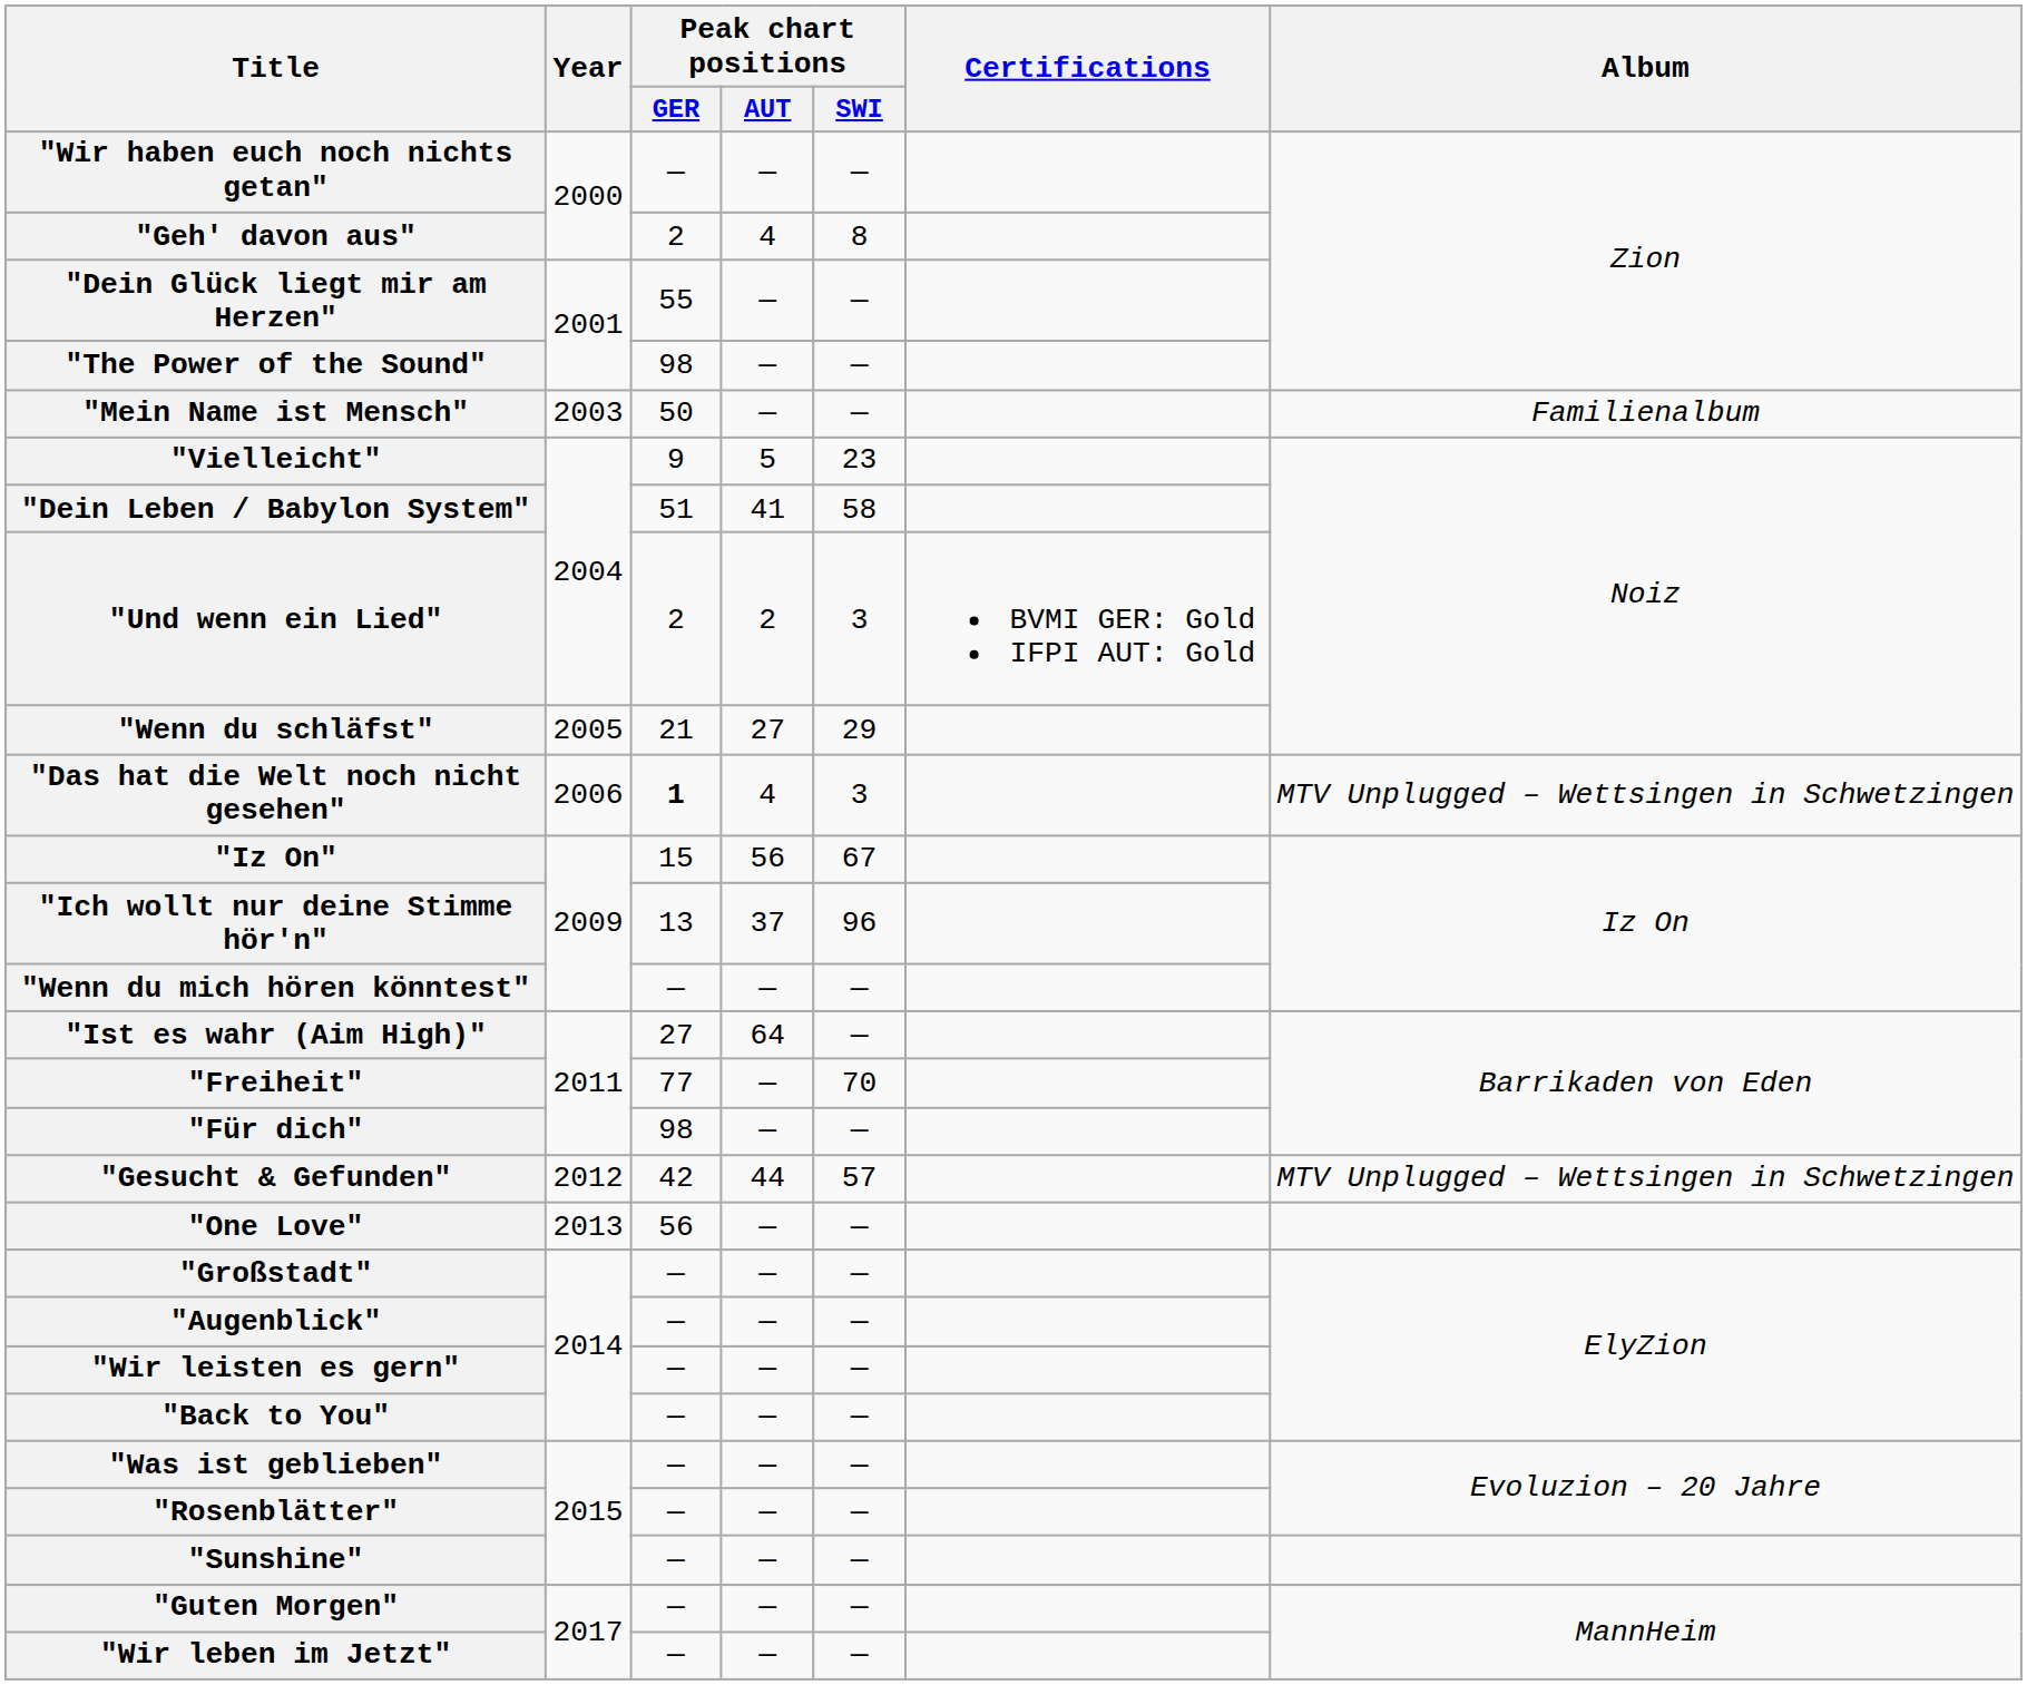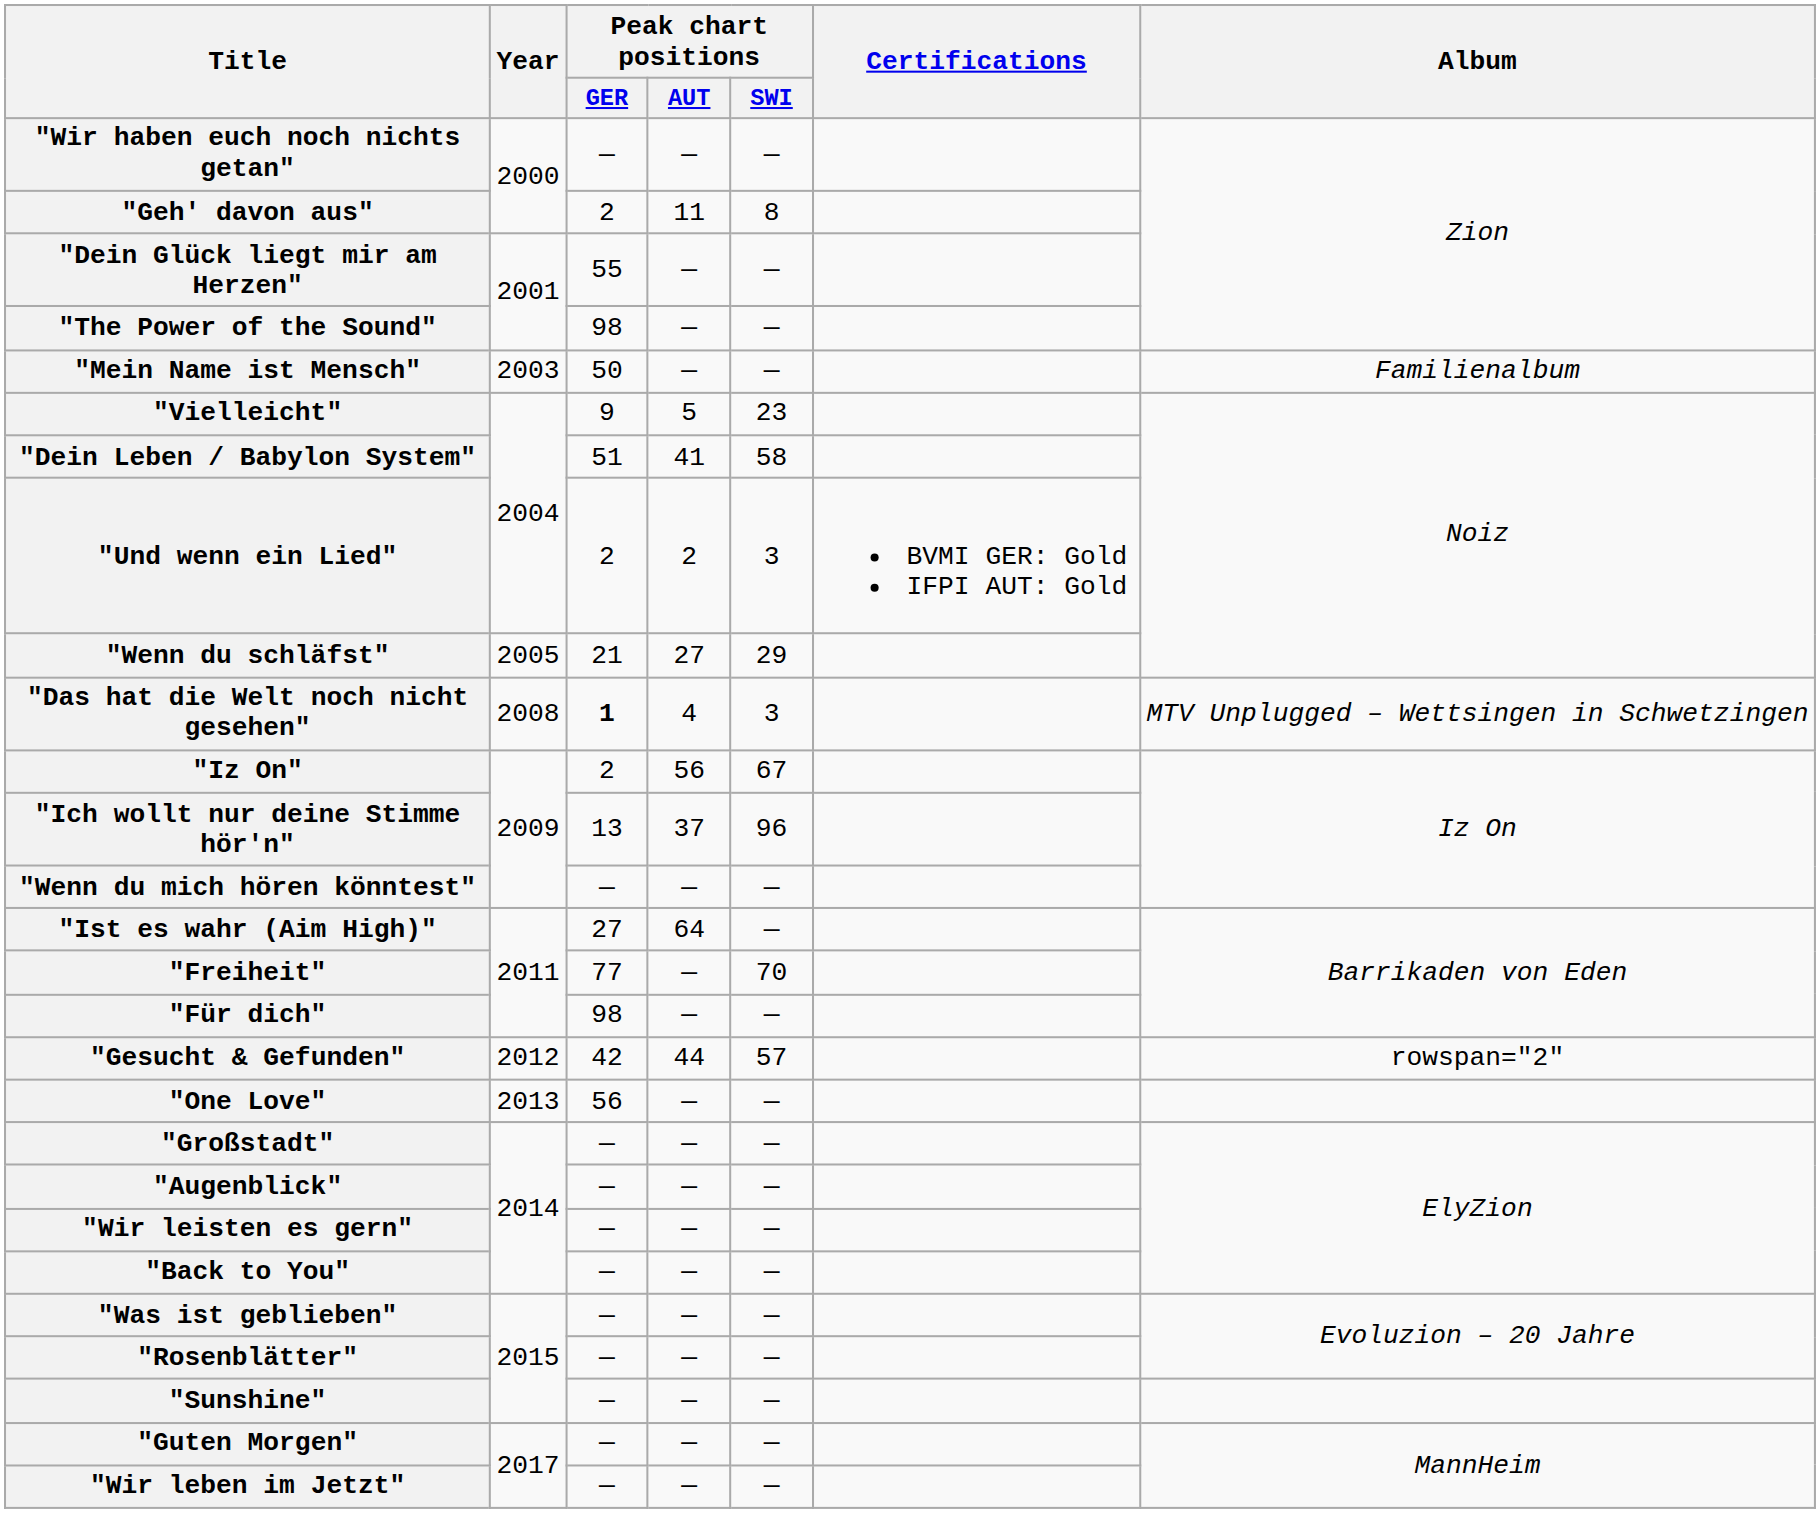 <table class="wikitable plainrowheaders" style="text-align:center;">
 <tr>
 <th scope="col" rowspan="2" style="width:18em;">Title</th>
 <th scope="col" rowspan="2">Year</th>
 <th scope="col" colspan="3">Peak chart positions</th>
 <th scope="col" rowspan="2" style="width:12em;"><a href='#'>Certifications</a></th>
 <th scope="col" rowspan="2">Album</th>
 </tr>
 <tr>
 <th style="width:3em;font-size:90%;"><a href='#'>GER</a><br></th>
 <th style="width:3em;font-size:90%;"><a href='#'>AUT</a><br></th>
 <th style="width:3em;font-size:90%;"><a href='#'>SWI</a><br></th>
 </tr>
 <tr>
 <th scope="row">"Wir haben euch noch nichts getan"</th>
 <td rowspan="2">2000</td>
 <td>—</td>
 <td>—</td>
 <td>—</td>
 <td></td>
 <td rowspan="4"><em>Zion</em></td>
 </tr>
 <tr>
 <th scope="row">"Geh' davon aus"</th>
 <td>2</td>
-<td>4</td>
+<td>11</td>
 <td>8</td>
 <td></td>
 </tr>
 <tr>
 <th scope="row">"Dein Glück liegt mir am Herzen"</th>
 <td rowspan="2">2001</td>
 <td>55</td>
 <td>—</td>
 <td>—</td>
 <td></td>
 </tr>
 <tr>
 <th scope="row">"The Power of the Sound"</th>
 <td>98</td>
 <td>—</td>
 <td>—</td>
 <td></td>
 </tr>
 <tr>
 <th scope="row">"Mein Name ist Mensch"</th>
 <td>2003</td>
 <td>50</td>
 <td>—</td>
 <td>—</td>
 <td></td>
 <td><em>Familienalbum</em></td>
 </tr>
 <tr>
 <th scope="row">"Vielleicht"</th>
 <td rowspan="3">2004</td>
 <td>9</td>
 <td>5</td>
 <td>23</td>
 <td></td>
 <td rowspan="4"><em>Noiz</em></td>
 </tr>
 <tr>
 <th scope="row">"Dein Leben / Babylon System"</th>
 <td>51</td>
 <td>41</td>
 <td>58</td>
 <td></td>
 </tr>
 <tr>
 <th scope="row">"Und wenn ein Lied"</th>
 <td>2</td>
 <td>2</td>
 <td>3</td>
 <td><br><ul><li>BVMI GER: Gold</li><li>IFPI AUT: Gold</li></ul></td>
 </tr>
 <tr>
 <th scope="row">"Wenn du schläfst"</th>
 <td>2005</td>
 <td>21</td>
 <td>27</td>
 <td>29</td>
 <td></td>
 </tr>
 <tr>
 <th scope="row">"Das hat die Welt noch nicht gesehen"</th>
-<td>2006</td>
+<td>2008</td>
 <td><strong>1</strong></td>
 <td>4</td>
 <td>3</td>
 <td></td>
 <td><em>MTV Unplugged – Wettsingen in Schwetzingen</em></td>
 </tr>
 <tr>
 <th scope="row">"Iz On"</th>
 <td rowspan="3">2009</td>
-<td>15</td>
+<td>2</td>
 <td>56</td>
 <td>67</td>
 <td></td>
 <td rowspan="3"><em>Iz On</em></td>
 </tr>
 <tr>
 <th scope="row">"Ich wollt nur deine Stimme hör'n"</th>
 <td>13</td>
 <td>37</td>
 <td>96</td>
 <td></td>
 </tr>
 <tr>
 <th scope="row">"Wenn du mich hören könntest"</th>
 <td>—</td>
 <td>—</td>
 <td>—</td>
 <td></td>
 </tr>
 <tr>
 <th scope="row">"Ist es wahr (Aim High)"</th>
 <td rowspan="3">2011</td>
 <td>27</td>
 <td>64</td>
 <td>—</td>
 <td></td>
 <td rowspan="3"><em>Barrikaden von Eden</em></td>
 </tr>
 <tr>
 <th scope="row">"Freiheit"</th>
 <td>77</td>
 <td>—</td>
 <td>70</td>
 <td></td>
 </tr>
 <tr>
 <th scope="row">"Für dich"</th>
 <td>98</td>
 <td>—</td>
 <td>—</td>
 <td></td>
 </tr>
 <tr>
 <th scope="row">"Gesucht & Gefunden"</th>
 <td>2012</td>
 <td>42</td>
 <td>44</td>
 <td>57</td>
 <td></td>
-<td><em>MTV Unplugged – Wettsingen in Schwetzingen</em></td>
+<td>rowspan="2" </td>
 </tr>
 <tr>
 <th scope="row">"One Love"</th>
 <td>2013</td>
 <td>56</td>
 <td>—</td>
 <td>—</td>
 <td></td>
 </tr>
 <tr>
 <th scope="row">"Großstadt"</th>
 <td rowspan="4">2014</td>
 <td>—</td>
 <td>—</td>
 <td>—</td>
 <td></td>
 <td rowspan="4"><em>ElyZion</em></td>
 </tr>
 <tr>
 <th scope="row">"Augenblick"</th>
 <td>—</td>
 <td>—</td>
 <td>—</td>
 <td></td>
 </tr>
 <tr>
 <th scope="row">"Wir leisten es gern"</th>
 <td>—</td>
 <td>—</td>
 <td>—</td>
 <td></td>
 </tr>
 <tr>
 <th scope="row">"Back to You"</th>
 <td>—</td>
 <td>—</td>
 <td>—</td>
 <td></td>
 </tr>
 <tr>
 <th scope="row">"Was ist geblieben"</th>
 <td rowspan="3">2015</td>
 <td>—</td>
 <td>—</td>
 <td>—</td>
 <td></td>
 <td rowspan="2"><em>Evoluzion – 20 Jahre</em></td>
 </tr>
 <tr>
 <th scope="row">"Rosenblätter"</th>
 <td>—</td>
 <td>—</td>
 <td>—</td>
 <td></td>
 </tr>
 <tr>
 <th scope="row">"Sunshine"</th>
 <td>—</td>
 <td>—</td>
 <td>—</td>
 <td></td>
 <td></td>
 </tr>
 <tr>
 <th scope="row">"Guten Morgen"</th>
 <td rowspan="2">2017</td>
 <td>—</td>
 <td>—</td>
 <td>—</td>
 <td></td>
 <td rowspan="2"><em>MannHeim</em></td>
 </tr>
 <tr>
 <th scope="row">"Wir leben im Jetzt"</th>
 <td>—</td>
 <td>—</td>
 <td>—</td>
 <td></td>
 </tr>
 </table>
